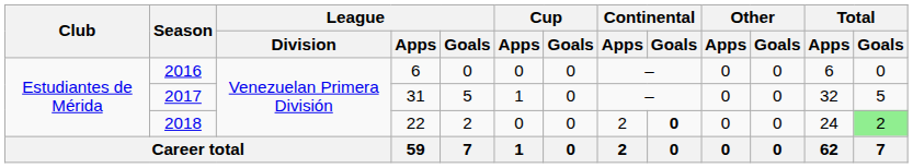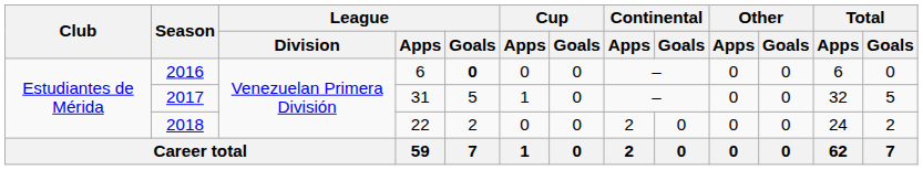 <table class="wikitable" style="text-align: center">
 <tr>
 <th rowspan="2">Club</th>
 <th rowspan="2">Season</th>
 <th colspan="3">League</th>
 <th colspan="2">Cup</th>
 <th colspan="2">Continental</th>
 <th colspan="2">Other</th>
 <th colspan="2">Total</th>
 </tr>
 <tr>
 <th>Division</th>
 <th>Apps</th>
 <th>Goals</th>
 <th>Apps</th>
 <th>Goals</th>
 <th>Apps</th>
 <th>Goals</th>
 <th>Apps</th>
 <th>Goals</th>
 <th>Apps</th>
 <th>Goals</th>
 </tr>
 <tr>
 <td rowspan="3"><a href='#'>Estudiantes de Mérida</a></td>
 <td><a href='#'>2016</a></td>
 <td rowspan="3"><a href='#'>Venezuelan Primera División</a></td>
 <td>6</td>
-<td>0</td>
+<td><strong>0</strong></td>
 <td>0</td>
 <td>0</td>
 <td colspan="2">–</td>
 <td>0</td>
 <td>0</td>
 <td>6</td>
 <td>0</td>
 </tr>
 <tr>
 <td><a href='#'>2017</a></td>
 <td>31</td>
 <td>5</td>
 <td>1</td>
 <td>0</td>
 <td colspan="2">–</td>
 <td>0</td>
 <td>0</td>
 <td>32</td>
 <td>5</td>
 </tr>
 <tr>
 <td><a href='#'>2018</a></td>
 <td>22</td>
 <td>2</td>
 <td>0</td>
 <td>0</td>
 <td>2</td>
-<td><strong>0</strong></td>
+<td>0</td>
 <td>0</td>
 <td>0</td>
 <td>24</td>
-<td style="background: lightgreen;">2</td>
+<td>2</td>
 </tr>
 <tr>
 <th colspan="3"><strong>Career total</strong></th>
 <th>59</th>
 <th>7</th>
 <th>1</th>
 <th>0</th>
 <th>2</th>
 <th>0</th>
 <th>0</th>
 <th>0</th>
 <th>62</th>
 <th>7</th>
 </tr>
 </table>
